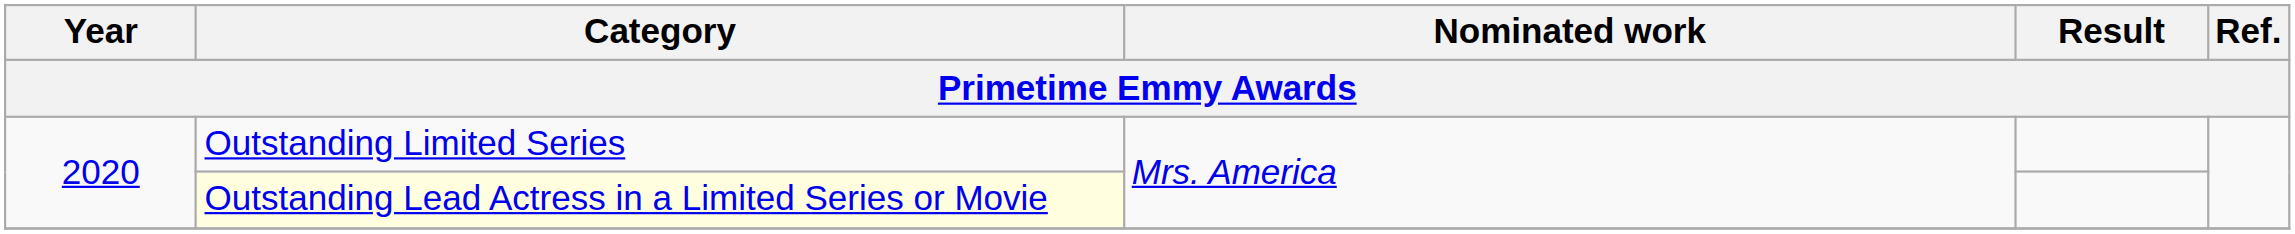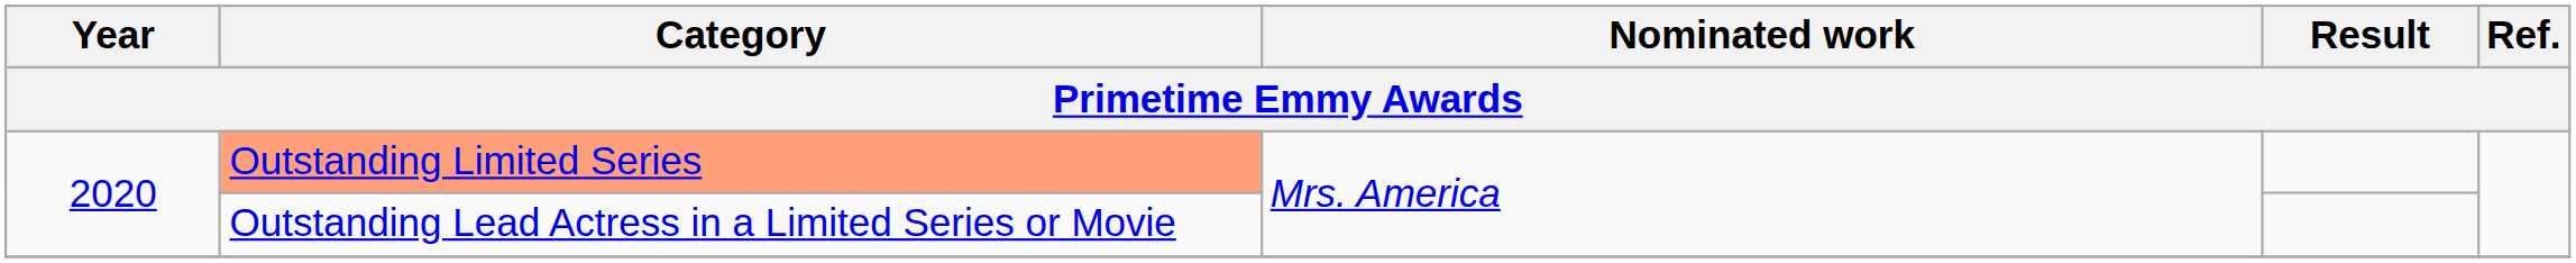 <table class=wikitable>
 <tr>
 <th scope="col" style="width:5em;">Year</th>
 <th scope="col" style="width:26em;">Category</th>
 <th scope="col" style="width:25em;">Nominated work</th>
 <th scope="col" style="width:5em;">Result</th>
 <th>Ref.</th>
 </tr>
 <tr>
 <th colspan=5><a href='#'>Primetime Emmy Awards</a></th>
 </tr>
 <tr>
 <td rowspan="2", style="text-align:center;"><a href='#'>2020</a></td>
-<td><a href='#'>Outstanding Limited Series</a> </td>
+<td style="background: lightsalmon;"><a href='#'>Outstanding Limited Series</a> </td>
 <td rowspan="2"><em><a href='#'>Mrs. America</a></em></td>
 <td></td>
 <td rowspan="2" style="text-align:center;"></td>
 </tr>
 <tr>
-<td style="background: lightyellow;"><a href='#'>Outstanding Lead Actress in a Limited Series or Movie</a></td>
+<td><a href='#'>Outstanding Lead Actress in a Limited Series or Movie</a></td>
 <td></td>
 </tr>
 <tr>
 </tr>
 </table>
